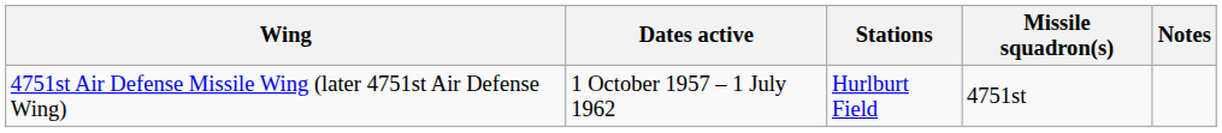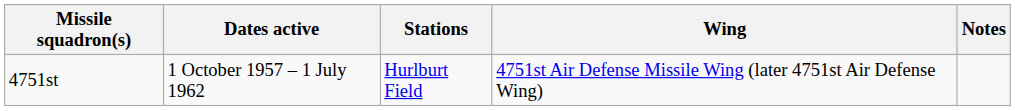 <table class="wikitable">
 <tr style="background:#efefef;">
-<th>Wing</th>
+<th>Missile squadron(s)</th>
 <th>Dates active</th>
 <th>Stations</th>
-<th>Missile squadron(s)</th>
+<th>Wing</th>
 <th>Notes</th>
 </tr>
 <tr>
-<td><a href='#'>4751st Air Defense Missile Wing</a> (later 4751st Air Defense Wing)</td>
+<td>4751st</td>
 <td>1 October 1957 – 1 July 1962</td>
 <td><a href='#'>Hurlburt Field</a></td>
-<td>4751st</td>
+<td><a href='#'>4751st Air Defense Missile Wing</a> (later 4751st Air Defense Wing)</td>
 <td></td>
 </tr>
 </table>
